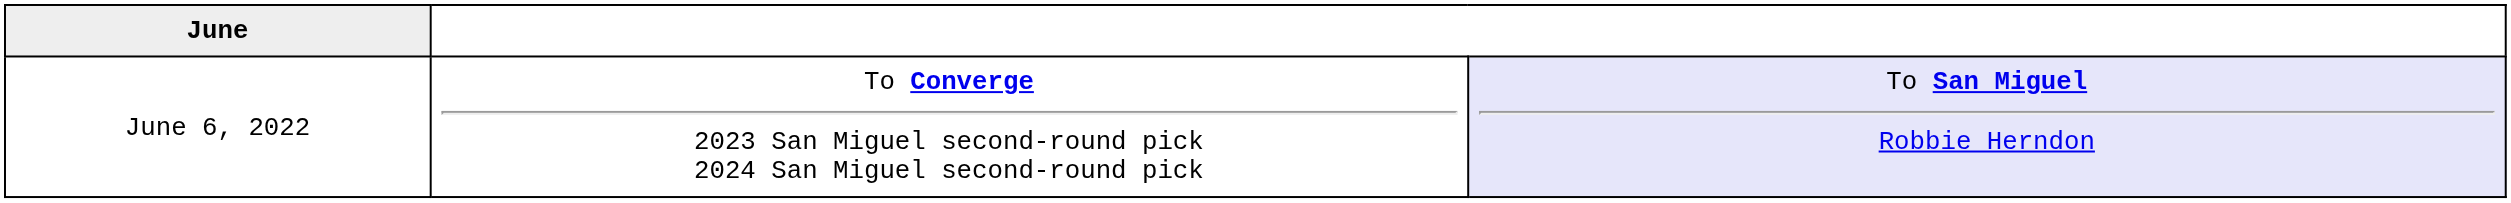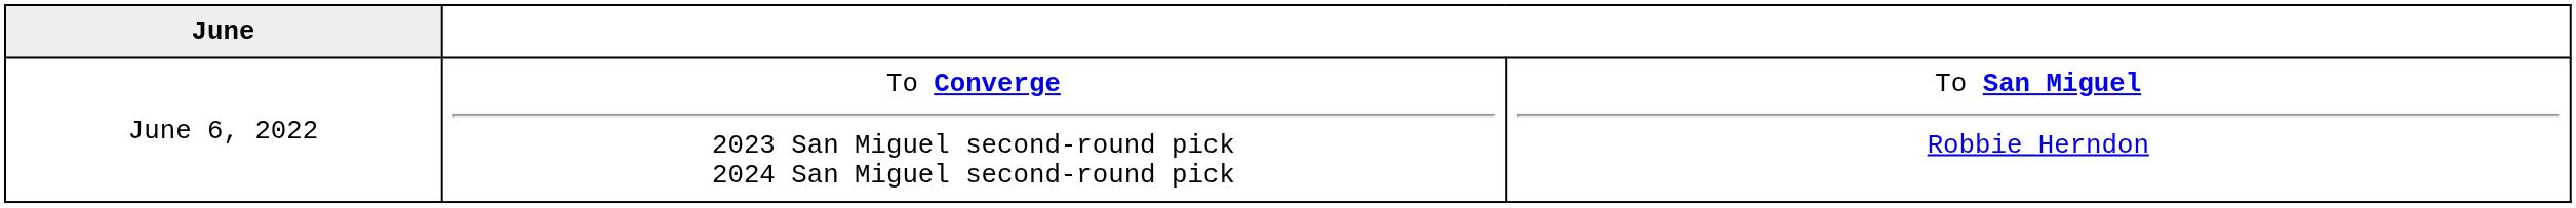 <table border=1 style="border-collapse:collapse; text-align: center; width: 100%" bordercolor="#000000"  cellpadding="5">
 <tr bgcolor="eeeeee">
 <th>June</th>
 </tr>
 <tr>
 <td style="width:12%">June 6, 2022</td>
 <td style="width:29.3%" valign="top">To <strong><a href='#'>Converge</a></strong><hr>2023 San Miguel second-round pick<br>2024 San Miguel second-round pick</td>
-<td style="background: lavender; width:29.3%" valign="top">To <strong><a href='#'>San Miguel</a></strong><hr><a href='#'>Robbie Herndon</a></td>
+<td style="width:29.3%" valign="top">To <strong><a href='#'>San Miguel</a></strong><hr><a href='#'>Robbie Herndon</a></td>
 </tr>
 </table>
